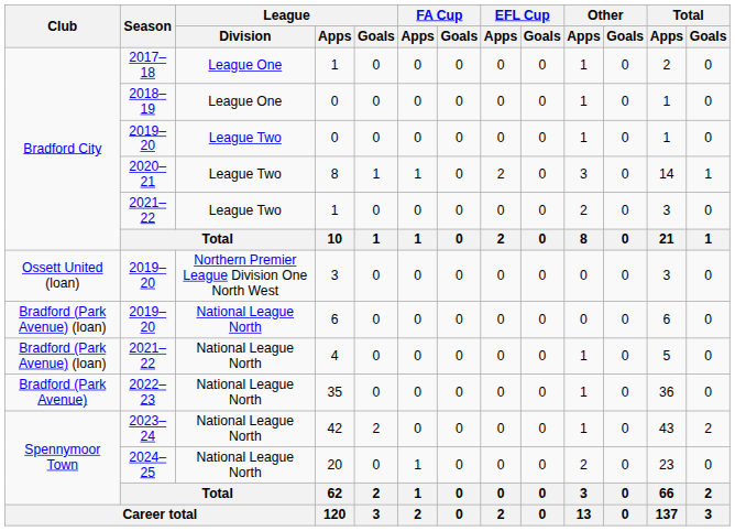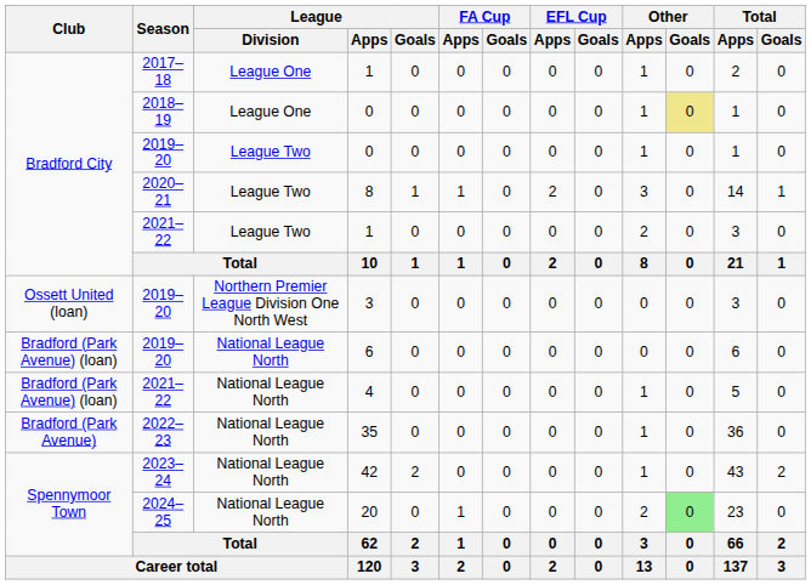 <table class=wikitable style="text-align:center">
 <tr>
 <th rowspan=2>Club</th>
 <th rowspan=2>Season</th>
 <th colspan=3>League</th>
 <th colspan=2><a href='#'>FA Cup</a></th>
 <th colspan=2><a href='#'>EFL Cup</a></th>
 <th colspan=2>Other</th>
 <th colspan=2>Total</th>
 </tr>
 <tr>
 <th>Division</th>
 <th>Apps</th>
 <th>Goals</th>
 <th>Apps</th>
 <th>Goals</th>
 <th>Apps</th>
 <th>Goals</th>
 <th>Apps</th>
 <th>Goals</th>
 <th>Apps</th>
 <th>Goals</th>
 </tr>
 <tr>
 <td rowspan=6><a href='#'>Bradford City</a></td>
 <td><a href='#'>2017–18</a></td>
 <td><a href='#'>League One</a></td>
 <td>1</td>
 <td>0</td>
 <td>0</td>
 <td>0</td>
 <td>0</td>
 <td>0</td>
 <td>1</td>
 <td>0</td>
 <td>2</td>
 <td>0</td>
 </tr>
 <tr>
 <td><a href='#'>2018–19</a></td>
 <td>League One</td>
 <td>0</td>
 <td>0</td>
 <td>0</td>
 <td>0</td>
 <td>0</td>
 <td>0</td>
 <td>1</td>
-<td>0</td>
+<td style="background: khaki;">0</td>
 <td>1</td>
 <td>0</td>
 </tr>
 <tr>
 <td><a href='#'>2019–20</a></td>
 <td><a href='#'>League Two</a></td>
 <td>0</td>
 <td>0</td>
 <td>0</td>
 <td>0</td>
 <td>0</td>
 <td>0</td>
 <td>1</td>
 <td>0</td>
 <td>1</td>
 <td>0</td>
 </tr>
 <tr>
 <td><a href='#'>2020–21</a></td>
 <td>League Two</td>
 <td>8</td>
 <td>1</td>
 <td>1</td>
 <td>0</td>
 <td>2</td>
 <td>0</td>
 <td>3</td>
 <td>0</td>
 <td>14</td>
 <td>1</td>
 </tr>
 <tr>
 <td><a href='#'>2021–22</a></td>
 <td>League Two</td>
 <td>1</td>
 <td>0</td>
 <td>0</td>
 <td>0</td>
 <td>0</td>
 <td>0</td>
 <td>2</td>
 <td>0</td>
 <td>3</td>
 <td>0</td>
 </tr>
 <tr>
 <th colspan=2>Total</th>
 <th>10</th>
 <th>1</th>
 <th>1</th>
 <th>0</th>
 <th>2</th>
 <th>0</th>
 <th>8</th>
 <th>0</th>
 <th>21</th>
 <th>1</th>
 </tr>
 <tr>
 <td><a href='#'>Ossett United</a> (loan)</td>
 <td><a href='#'>2019–20</a></td>
 <td><a href='#'>Northern Premier League</a> Division One North West</td>
 <td>3</td>
 <td>0</td>
 <td>0</td>
 <td>0</td>
 <td>0</td>
 <td>0</td>
 <td>0</td>
 <td>0</td>
 <td>3</td>
 <td>0</td>
 </tr>
 <tr>
 <td><a href='#'>Bradford (Park Avenue)</a> (loan)</td>
 <td><a href='#'>2019–20</a></td>
 <td><a href='#'>National League North</a></td>
 <td>6</td>
 <td>0</td>
 <td>0</td>
 <td>0</td>
 <td>0</td>
 <td>0</td>
 <td>0</td>
 <td>0</td>
 <td>6</td>
 <td>0</td>
 </tr>
 <tr>
 <td><a href='#'>Bradford (Park Avenue)</a> (loan)</td>
 <td><a href='#'>2021–22</a></td>
 <td>National League North</td>
 <td>4</td>
 <td>0</td>
 <td>0</td>
 <td>0</td>
 <td>0</td>
 <td>0</td>
 <td>1</td>
 <td>0</td>
 <td>5</td>
 <td>0</td>
 </tr>
 <tr>
 <td><a href='#'>Bradford (Park Avenue)</a></td>
 <td><a href='#'>2022–23</a></td>
 <td>National League North</td>
 <td>35</td>
 <td>0</td>
 <td>0</td>
 <td>0</td>
 <td>0</td>
 <td>0</td>
 <td>1</td>
 <td>0</td>
 <td>36</td>
 <td>0</td>
 </tr>
 <tr>
 <td rowspan=3><a href='#'>Spennymoor Town</a></td>
 <td><a href='#'>2023–24</a></td>
 <td>National League North</td>
 <td>42</td>
 <td>2</td>
 <td>0</td>
 <td>0</td>
 <td>0</td>
 <td>0</td>
 <td>1</td>
 <td>0</td>
 <td>43</td>
 <td>2</td>
 </tr>
 <tr>
 <td><a href='#'>2024–25</a></td>
 <td>National League North</td>
 <td>20</td>
 <td>0</td>
 <td>1</td>
 <td>0</td>
 <td>0</td>
 <td>0</td>
 <td>2</td>
-<td>0</td>
+<td style="background: lightgreen;">0</td>
 <td>23</td>
 <td>0</td>
 </tr>
 <tr>
 <th colspan=2>Total</th>
 <th>62</th>
 <th>2</th>
 <th>1</th>
 <th>0</th>
 <th>0</th>
 <th>0</th>
 <th>3</th>
 <th>0</th>
 <th>66</th>
 <th>2</th>
 </tr>
 <tr>
 <th colspan=3>Career total</th>
 <th>120</th>
 <th>3</th>
 <th>2</th>
 <th>0</th>
 <th>2</th>
 <th>0</th>
 <th>13</th>
 <th>0</th>
 <th>137</th>
 <th>3</th>
 </tr>
 </table>
